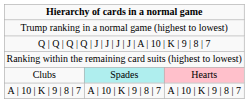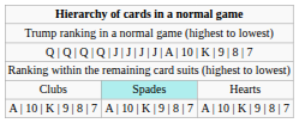 <table class="wikitable zebra">
 <tr align="center">
 <td colspan="3"><strong>Hierarchy of cards in a normal game</strong></td>
 </tr>
 <tr align="center">
 <td colspan="3">Trump ranking in a normal game (highest to lowest)</td>
 </tr>
 <tr align="center">
 <td colspan="4">Q | Q | Q | Q | J | J | J | J | A | 10 | K | 9 | 8 | 7</td>
 </tr>
 <tr align="center">
 <td colspan="3">Ranking within the remaining card suits (highest to lowest)</td>
 </tr>
 <tr align="center">
 <td>Clubs</td>
 <td style="background: paleturquoise;">Spades</td>
-<td style="background: pink;">Hearts</td>
+<td>Hearts</td>
 </tr>
 <tr align="center">
 <td>A | 10 | K | 9 | 8 | 7</td>
 <td>A | 10 | K | 9 | 8 | 7</td>
 <td>A | 10 | K | 9 | 8 | 7</td>
 </tr>
 </table>
